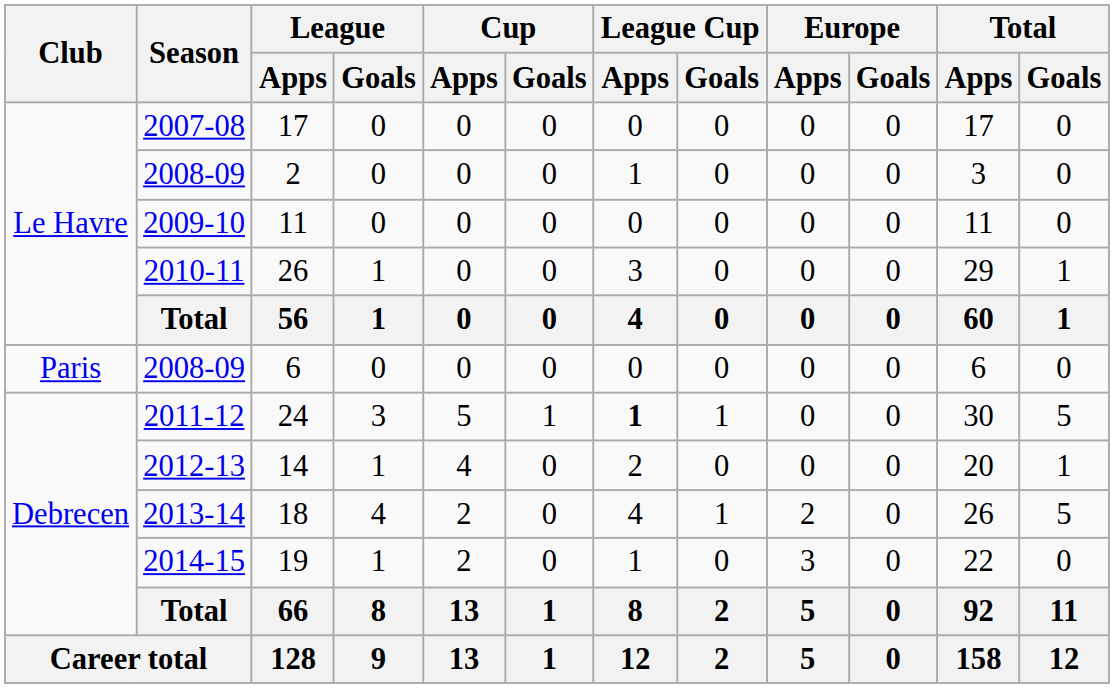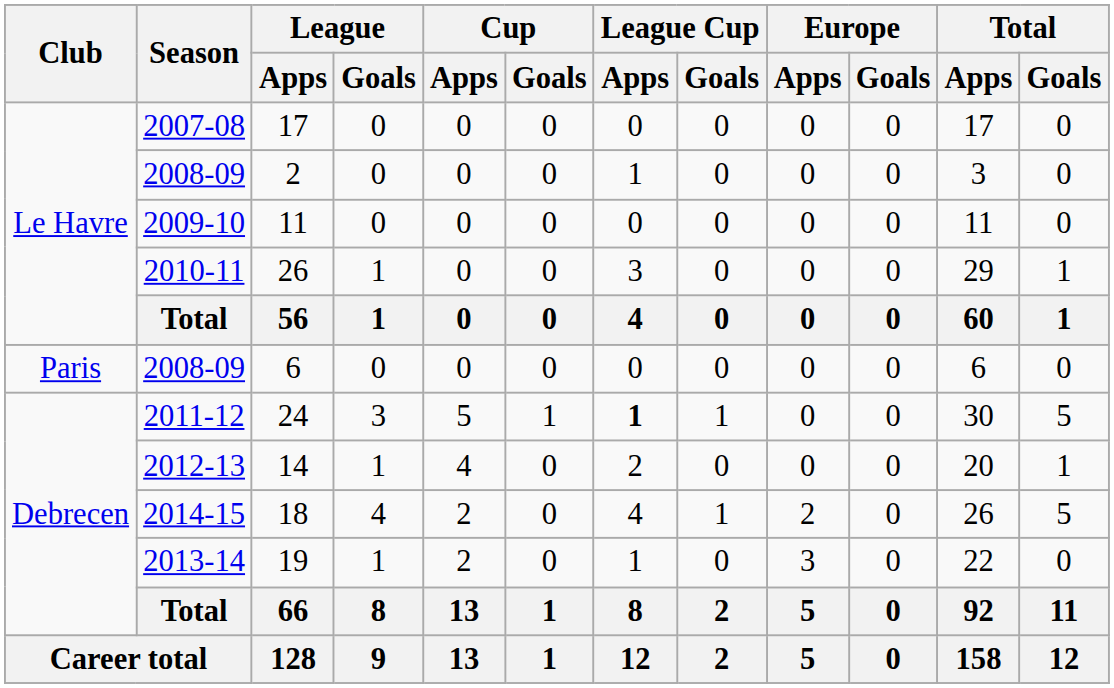 <table class="wikitable" style="text-align:center">
 <tr>
 <th rowspan="2">Club</th>
 <th rowspan="2">Season</th>
 <th colspan="2">League</th>
 <th colspan="2">Cup</th>
 <th colspan="2">League Cup</th>
 <th colspan="2">Europe</th>
 <th colspan="2">Total</th>
 </tr>
 <tr>
 <th>Apps</th>
 <th>Goals</th>
 <th>Apps</th>
 <th>Goals</th>
 <th>Apps</th>
 <th>Goals</th>
 <th>Apps</th>
 <th>Goals</th>
 <th>Apps</th>
 <th>Goals</th>
 </tr>
 <tr>
 <td rowspan="5"><a href='#'>Le Havre</a></td>
 <td><a href='#'>2007-08</a></td>
 <td>17</td>
 <td>0</td>
 <td>0</td>
 <td>0</td>
 <td>0</td>
 <td>0</td>
 <td>0</td>
 <td>0</td>
 <td>17</td>
 <td>0</td>
 </tr>
 <tr>
 <td><a href='#'>2008-09</a></td>
 <td>2</td>
 <td>0</td>
 <td>0</td>
 <td>0</td>
 <td>1</td>
 <td>0</td>
 <td>0</td>
 <td>0</td>
 <td>3</td>
 <td>0</td>
 </tr>
 <tr>
 <td><a href='#'>2009-10</a></td>
 <td>11</td>
 <td>0</td>
 <td>0</td>
 <td>0</td>
 <td>0</td>
 <td>0</td>
 <td>0</td>
 <td>0</td>
 <td>11</td>
 <td>0</td>
 </tr>
 <tr>
 <td><a href='#'>2010-11</a></td>
 <td>26</td>
 <td>1</td>
 <td>0</td>
 <td>0</td>
 <td>3</td>
 <td>0</td>
 <td>0</td>
 <td>0</td>
 <td>29</td>
 <td>1</td>
 </tr>
 <tr>
 <th>Total</th>
 <th>56</th>
 <th>1</th>
 <th>0</th>
 <th>0</th>
 <th>4</th>
 <th>0</th>
 <th>0</th>
 <th>0</th>
 <th>60</th>
 <th>1</th>
 </tr>
 <tr>
 <td><a href='#'>Paris</a></td>
 <td><a href='#'>2008-09</a></td>
 <td>6</td>
 <td>0</td>
 <td>0</td>
 <td>0</td>
 <td>0</td>
 <td>0</td>
 <td>0</td>
 <td>0</td>
 <td>6</td>
 <td>0</td>
 </tr>
 <tr>
 <td rowspan="5"><a href='#'>Debrecen</a></td>
 <td><a href='#'>2011-12</a></td>
 <td>24</td>
 <td>3</td>
 <td>5</td>
 <td>1</td>
 <td><strong>1</strong></td>
 <td>1</td>
 <td>0</td>
 <td>0</td>
 <td>30</td>
 <td>5</td>
 </tr>
 <tr>
 <td><a href='#'>2012-13</a></td>
 <td>14</td>
 <td>1</td>
 <td>4</td>
 <td>0</td>
 <td>2</td>
 <td>0</td>
 <td>0</td>
 <td>0</td>
 <td>20</td>
 <td>1</td>
 </tr>
 <tr>
-<td><a href='#'>2013-14</a></td>
+<td><a href='#'>2014-15</a></td>
 <td>18</td>
 <td>4</td>
 <td>2</td>
 <td>0</td>
 <td>4</td>
 <td>1</td>
 <td>2</td>
 <td>0</td>
 <td>26</td>
 <td>5</td>
 </tr>
 <tr>
-<td><a href='#'>2014-15</a></td>
+<td><a href='#'>2013-14</a></td>
 <td>19</td>
 <td>1</td>
 <td>2</td>
 <td>0</td>
 <td>1</td>
 <td>0</td>
 <td>3</td>
 <td>0</td>
 <td>22</td>
 <td>0</td>
 </tr>
 <tr>
 <th>Total</th>
 <th>66</th>
 <th>8</th>
 <th>13</th>
 <th>1</th>
 <th>8</th>
 <th>2</th>
 <th>5</th>
 <th>0</th>
 <th>92</th>
 <th>11</th>
 </tr>
 <tr>
 <th colspan="2">Career total</th>
 <th>128</th>
 <th>9</th>
 <th>13</th>
 <th>1</th>
 <th>12</th>
 <th>2</th>
 <th>5</th>
 <th>0</th>
 <th>158</th>
 <th>12</th>
 </tr>
 </table>
